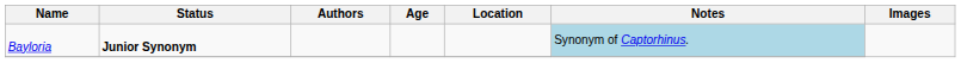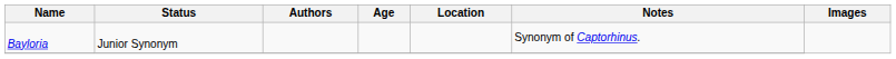 <table class="wikitable sortable" align="center" width="100%">
 <tr>
 <th>Name</th>
 <th>Status</th>
 <th>Authors</th>
 <th>Age</th>
 <th>Location</th>
 <th width="33%" class="unsortable">Notes</th>
 <th class="unsortable">Images</th>
 </tr>
 <tr>
 <td><br><em><a href='#'>Bayloria</a></em></td>
-<td><strong><br>Junior Synonym</strong></td>
+<td><br>Junior Synonym</td>
 <td><br></td>
 <td></td>
 <td></td>
-<td style="background: lightblue;">Synonym of <em><a href='#'>Captorhinus</a>.</em><br></td>
+<td>Synonym of <em><a href='#'>Captorhinus</a>.</em><br></td>
 <td rowspan="99"><br></td>
 </tr>
 <tr>
 </tr>
 </table>
